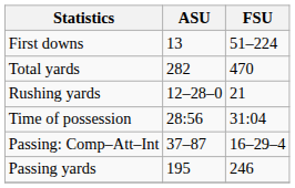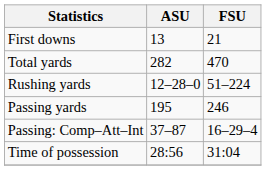 <table class="wikitable" style="float: left;">
 <tr>
 <th>Statistics</th>
 <th>ASU</th>
 <th>FSU</th>
 </tr>
 <tr>
 <td>First downs</td>
 <td>13</td>
-<td>51–224</td>
+<td>21</td>
 </tr>
 <tr>
 <td>Total yards</td>
 <td>282</td>
 <td>470</td>
 </tr>
 <tr>
 <td>Rushing yards</td>
 <td>12–28–0</td>
-<td>21</td>
+<td>51–224</td>
+</tr>
+<tr>
+<td>Passing yards</td>
+<td>195</td>
+<td>246</td>
+</tr>
+<tr>
+<td>Passing: Comp–Att–Int</td>
+<td>37–87</td>
+<td>16–29–4</td>
 </tr>
 <tr>
 <td>Time of possession</td>
 <td>28:56</td>
 <td>31:04</td>
 </tr>
 <tr>
-<td>Passing: Comp–Att–Int</td>
-<td>37–87</td>
-<td>16–29–4</td>
-</tr>
-<tr>
-<td>Passing yards</td>
-<td>195</td>
-<td>246</td>
-</tr>
-<tr>
 </tr>
 </table>
